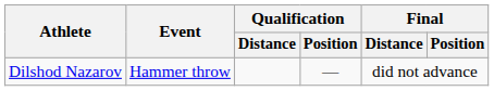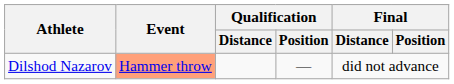 <table class=wikitable style="font-size:90%">
 <tr>
 <th rowspan="2">Athlete</th>
 <th rowspan="2">Event</th>
 <th colspan="2">Qualification</th>
 <th colspan="2">Final</th>
 </tr>
 <tr style="font-size:95%">
 <th>Distance</th>
 <th>Position</th>
 <th>Distance</th>
 <th>Position</th>
 </tr>
 <tr align=center>
 <td align=left><a href='#'>Dilshod Nazarov</a></td>
-<td align=left><a href='#'>Hammer throw</a></td>
+<td align=left style="background: lightsalmon;"><a href='#'>Hammer throw</a></td>
 <td></td>
 <td>—</td>
 <td colspan=2>did not advance</td>
 </tr>
 </table>
